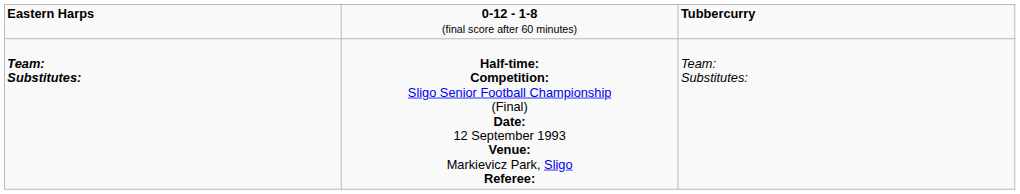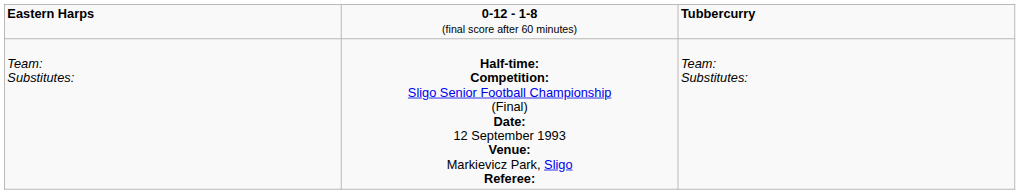 <table border=0 class="wikitable" width=100%>
 <tr>
 <td width=33% valign=top><span><strong>Eastern Harps</strong></span><br><small></small></td>
 <td width=33% valign=top align=center><span><strong>0-12 - 1-8</strong></span><br><small>(final score after 60 minutes)</small></td>
 <td width=33% valign=top><span><strong>Tubbercurry</strong></span><br><small></small></td>
 </tr>
 <tr>
-<td valign=top><strong><br><em>Team:</em> <br><em>Substitutes:</em> <br></strong></td>
+<td valign=top><br><em>Team:</em> <br><em>Substitutes:</em> <br></td>
 <td valign=middle align=center><br><strong>Half-time:</strong><br><strong>Competition:</strong><br><a href='#'>Sligo Senior Football Championship</a><br>(Final)<br><strong>Date:</strong><br>12 September 1993<br><strong>Venue:</strong><br>Markievicz Park, <a href='#'>Sligo</a><br><strong>Referee:</strong><br></td>
 <td valign=top><br><em>Team:</em> <br><em>Substitutes:</em> <br></td>
 </tr>
 </table>
